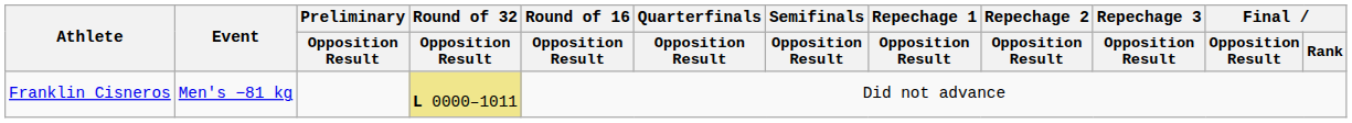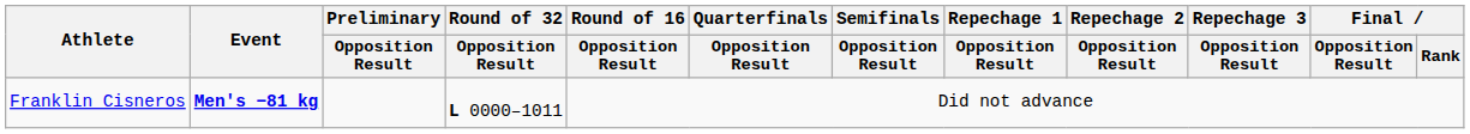 <table class="wikitable" style="font-size:90%">
 <tr>
 <th rowspan="2">Athlete</th>
 <th rowspan="2">Event</th>
 <th>Preliminary</th>
 <th>Round of 32</th>
 <th>Round of 16</th>
 <th>Quarterfinals</th>
 <th>Semifinals</th>
 <th>Repechage 1</th>
 <th>Repechage 2</th>
 <th>Repechage 3</th>
 <th colspan=2>Final / </th>
 </tr>
 <tr style="font-size:95%">
 <th>Opposition<br>Result</th>
 <th>Opposition<br>Result</th>
 <th>Opposition<br>Result</th>
 <th>Opposition<br>Result</th>
 <th>Opposition<br>Result</th>
 <th>Opposition<br>Result</th>
 <th>Opposition<br>Result</th>
 <th>Opposition<br>Result</th>
 <th>Opposition<br>Result</th>
 <th>Rank</th>
 </tr>
 <tr align=center>
 <td align=left><a href='#'>Franklin Cisneros</a></td>
-<td align=left><a href='#'>Men's −81 kg</a></td>
+<td align=left><strong><a href='#'>Men's −81 kg</a></strong></td>
 <td></td>
-<td style="background: khaki;"><br><strong>L</strong> 0000–1011</td>
+<td><br><strong>L</strong> 0000–1011</td>
 <td colspan=8>Did not advance</td>
 </tr>
 </table>
